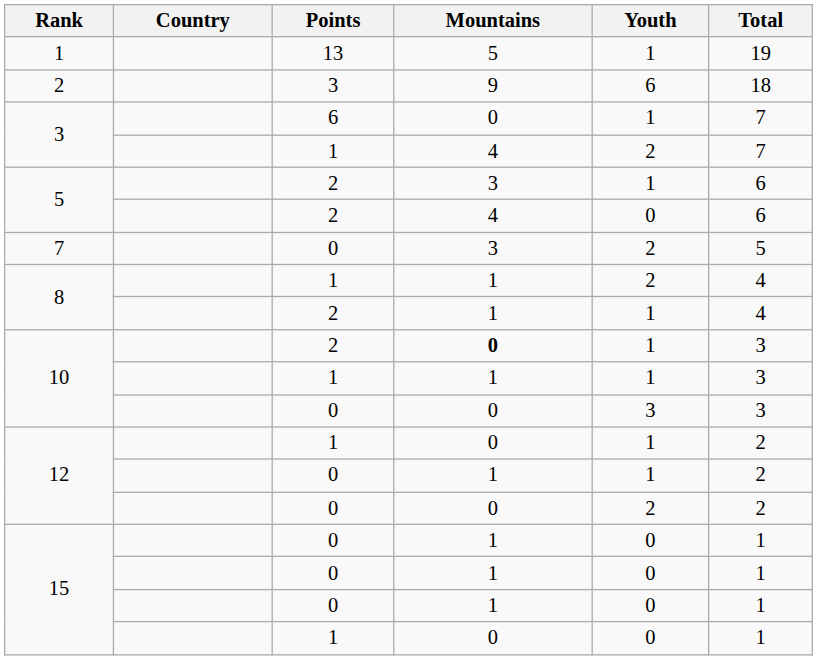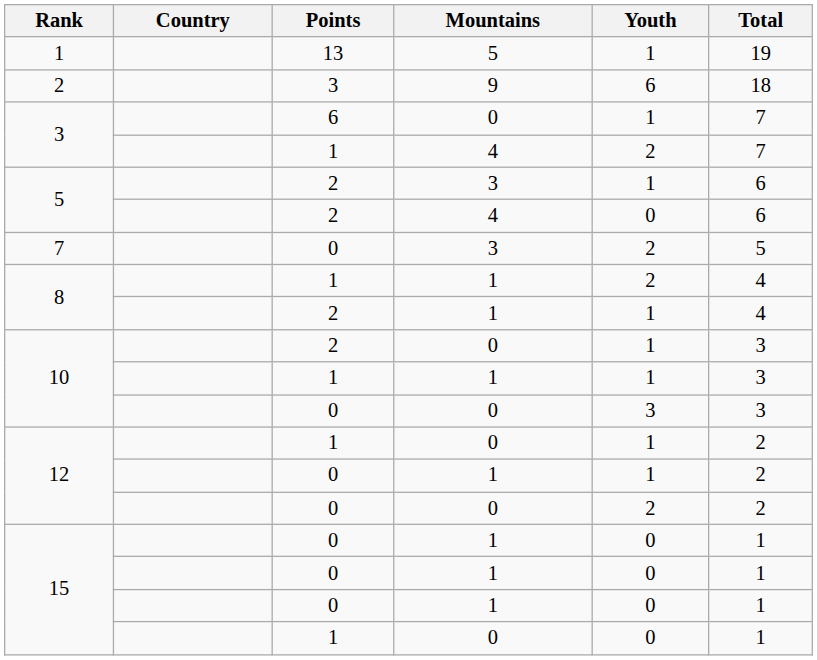 <table class="wikitable sortable" style="width:50%; text-align:center">
 <tr>
 <th>Rank</th>
 <th>Country</th>
 <th> Points</th>
 <th> Mountains</th>
 <th> Youth</th>
 <th>Total</th>
 </tr>
 <tr>
 <td rowspan=1>1</td>
 <td align=left></td>
 <td>13</td>
 <td>5</td>
 <td>1</td>
 <td>19</td>
 </tr>
 <tr>
 <td rowspan=1>2</td>
 <td align=left></td>
 <td>3</td>
 <td>9</td>
 <td>6</td>
 <td>18</td>
 </tr>
 <tr>
 <td rowspan=2>3</td>
 <td align=left></td>
 <td>6</td>
 <td>0</td>
 <td>1</td>
 <td>7</td>
 </tr>
 <tr>
 <td align=left></td>
 <td>1</td>
 <td>4</td>
 <td>2</td>
 <td>7</td>
 </tr>
 <tr>
 <td rowspan="2">5</td>
 <td align=left></td>
 <td>2</td>
 <td>3</td>
 <td>1</td>
 <td>6</td>
 </tr>
 <tr>
 <td align=left></td>
 <td>2</td>
 <td>4</td>
 <td>0</td>
 <td>6</td>
 </tr>
 <tr>
 <td>7</td>
 <td align=left></td>
 <td>0</td>
 <td>3</td>
 <td>2</td>
 <td>5</td>
 </tr>
 <tr>
 <td rowspan="2">8</td>
 <td align=left></td>
 <td>1</td>
 <td>1</td>
 <td>2</td>
 <td>4</td>
 </tr>
 <tr>
 <td align=left></td>
 <td>2</td>
 <td>1</td>
 <td>1</td>
 <td>4</td>
 </tr>
 <tr>
 <td rowspan=3>10</td>
 <td align=left></td>
 <td>2</td>
-<td><strong>0</strong></td>
+<td>0</td>
 <td>1</td>
 <td>3</td>
 </tr>
 <tr>
 <td align=left></td>
 <td>1</td>
 <td>1</td>
 <td>1</td>
 <td>3</td>
 </tr>
 <tr>
 <td align=left></td>
 <td>0</td>
 <td>0</td>
 <td>3</td>
 <td>3</td>
 </tr>
 <tr>
 <td rowspan="3">12</td>
 <td align=left></td>
 <td>1</td>
 <td>0</td>
 <td>1</td>
 <td>2</td>
 </tr>
 <tr>
 <td align=left></td>
 <td>0</td>
 <td>1</td>
 <td>1</td>
 <td>2</td>
 </tr>
 <tr>
 <td align=left></td>
 <td>0</td>
 <td>0</td>
 <td>2</td>
 <td>2</td>
 </tr>
 <tr>
 <td rowspan="4">15</td>
 <td align=left></td>
 <td>0</td>
 <td>1</td>
 <td>0</td>
 <td>1</td>
 </tr>
 <tr>
 <td align=left></td>
 <td>0</td>
 <td>1</td>
 <td>0</td>
 <td>1</td>
 </tr>
 <tr>
 <td align=left></td>
 <td>0</td>
 <td>1</td>
 <td>0</td>
 <td>1</td>
 </tr>
 <tr>
 <td align=left></td>
 <td>1</td>
 <td>0</td>
 <td>0</td>
 <td>1</td>
 </tr>
 </table>
